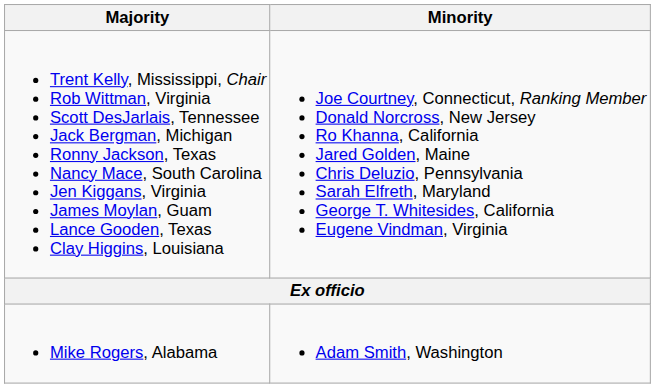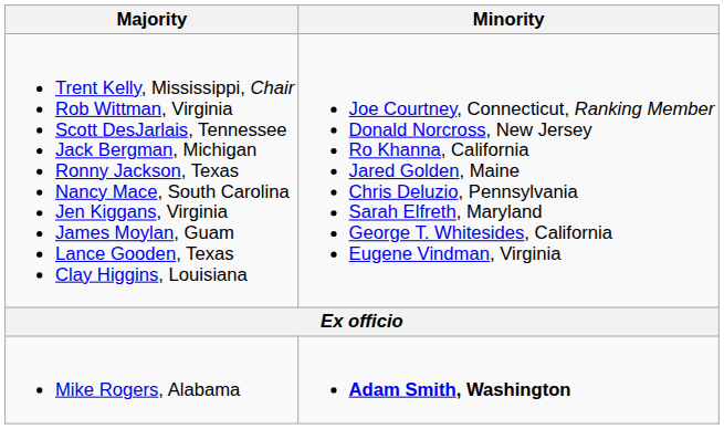 <table class=wikitable>
 <tr>
 <th>Majority</th>
 <th>Minority</th>
 </tr>
 <tr>
 <td><br><ul><li><a href='#'>Trent Kelly</a>, Mississippi, <em>Chair</em></li><li><a href='#'>Rob Wittman</a>, Virginia</li><li><a href='#'>Scott DesJarlais</a>, Tennessee</li><li><a href='#'>Jack Bergman</a>, Michigan</li><li><a href='#'>Ronny Jackson</a>, Texas</li><li><a href='#'>Nancy Mace</a>, South Carolina</li><li><a href='#'>Jen Kiggans</a>, Virginia</li><li><a href='#'>James Moylan</a>, Guam</li><li><a href='#'>Lance Gooden</a>, Texas</li><li><a href='#'>Clay Higgins</a>, Louisiana</li></ul></td>
 <td><br><ul><li><a href='#'>Joe Courtney</a>, Connecticut, <em>Ranking Member</em></li><li><a href='#'>Donald Norcross</a>, New Jersey</li><li><a href='#'>Ro Khanna</a>, California</li><li><a href='#'>Jared Golden</a>, Maine</li><li><a href='#'>Chris Deluzio</a>, Pennsylvania</li><li><a href='#'>Sarah Elfreth</a>, Maryland</li><li><a href='#'>George T. Whitesides</a>, California</li><li><a href='#'>Eugene Vindman</a>, Virginia</li></ul></td>
 </tr>
 <tr>
 <th colspan=2><em>Ex officio</em></th>
 </tr>
 <tr>
 <td><br><ul><li><a href='#'>Mike Rogers</a>, Alabama</li></ul></td>
-<td><br><ul><li><a href='#'>Adam Smith</a>, Washington</li></ul></td>
+<td><strong><br><ul><li><a href='#'>Adam Smith</a>, Washington</li></ul></strong></td>
 </tr>
 </table>
